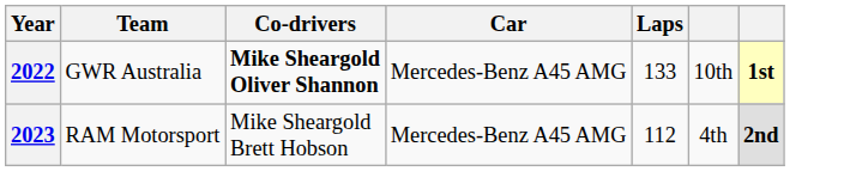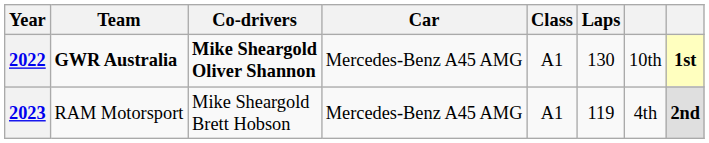 <table class="wikitable" style="font-size:85%; text-align:center">
 <tr>
 <th>Year</th>
 <th>Team</th>
 <th>Co-drivers</th>
 <th>Car</th>
+<th>Class</th>
 <th>Laps</th>
 <th></th>
 <th></th>
 </tr>
 <tr>
 <th><a href='#'>2022</a></th>
-<td align="left"> GWR Australia</td>
+<td align="left"><strong> GWR Australia</strong></td>
 <td align="left"><strong> Mike Sheargold<br> Oliver Shannon</strong></td>
 <td align="left">Mercedes-Benz A45 AMG</td>
-<td align=center>133</td>
+<td>A1</td>
+<td align=center>130</td>
 <td>10th</td>
 <td style="background:#ffffbf"><strong>1st</strong></td>
 </tr>
 <tr>
 <th><a href='#'>2023</a></th>
 <td align="left"> RAM Motorsport</td>
 <td align="left"> Mike Sheargold<br> Brett Hobson</td>
 <td align="left">Mercedes-Benz A45 AMG</td>
-<td align=center>112</td>
+<td>A1</td>
+<td align=center>119</td>
 <td>4th</td>
 <td style="background:#dfdfdf"><strong>2nd</strong></td>
 </tr>
 </table>
